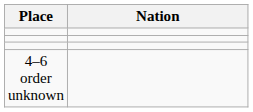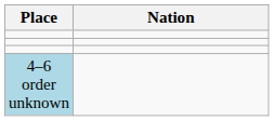 <table class=wikitable style="text-align:center;">
 <tr>
 <th width=35>Place</th>
 <th width=185>Nation</th>
 </tr>
 <tr>
 <td></td>
 <td style=text-align:left> </td>
 </tr>
 <tr>
 <td></td>
 <td style=text-align:left></td>
 </tr>
 <tr>
 <td></td>
 <td style=text-align:left></td>
 </tr>
 <tr>
-<td> 4–6 <br>order unknown</td>
+<td style="background: lightblue;"> 4–6 <br>order unknown</td>
 <td style=text-align:left> <br>  <br> </td>
 </tr>
 </table>
